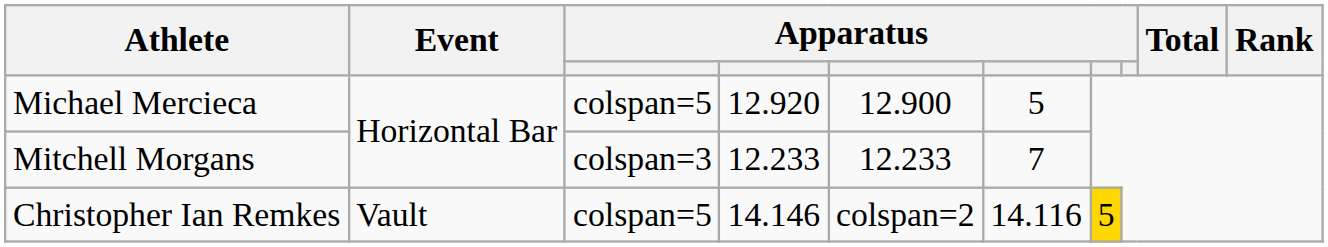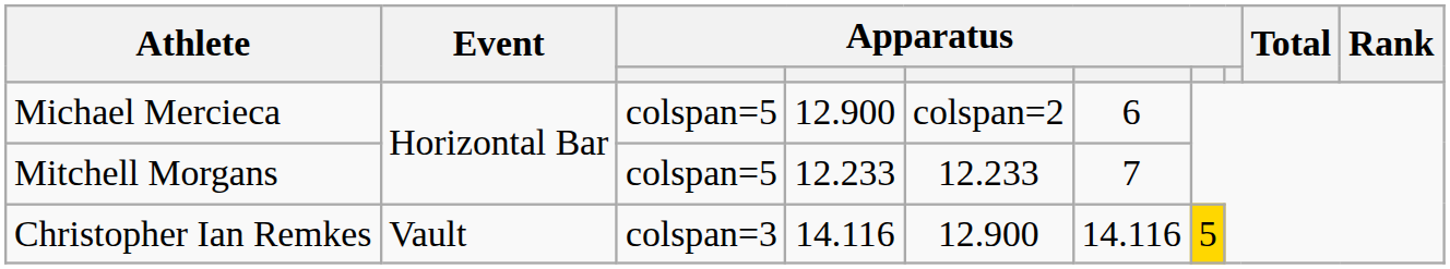 <table class="wikitable" style="font-size:90%">
 <tr>
 <th rowspan=2>Athlete</th>
 <th rowspan=2>Event</th>
 <th colspan=6>Apparatus</th>
 <th rowspan=2>Total</th>
 <th rowspan=2>Rank</th>
 </tr>
 <tr style="font-size:95%">
 <th></th>
 <th></th>
 <th></th>
 <th></th>
 <th></th>
 <th></th>
 </tr>
 <tr align=center>
 <td align=left>Michael Mercieca</td>
 <td align=left rowspan=2>Horizontal Bar</td>
 <td>colspan=5 </td>
-<td>12.920</td>
 <td>12.900</td>
-<td>5</td>
+<td>colspan=2 </td>
+<td>6</td>
 </tr>
 <tr align=center>
 <td align=left>Mitchell Morgans</td>
-<td>colspan=3 </td>
+<td>colspan=5 </td>
 <td>12.233</td>
 <td>12.233</td>
 <td>7</td>
 </tr>
 <tr align=center>
 <td align=left>Christopher Ian Remkes</td>
 <td align=left>Vault</td>
-<td>colspan=5 </td>
-<td>14.146</td>
-<td>colspan=2 </td>
+<td>colspan=3 </td>
+<td>14.116</td>
+<td>12.900</td>
 <td>14.116</td>
 <td style="background: gold;">5</td>
 </tr>
 </table>
